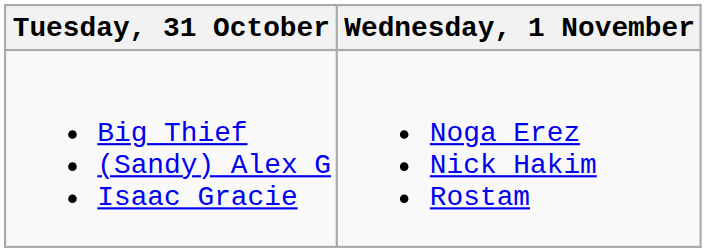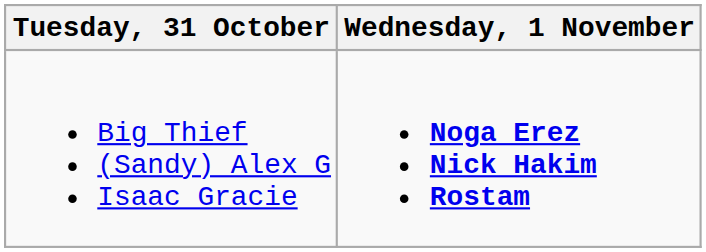 <table class="wikitable">
 <tr>
 <th>Tuesday, 31 October</th>
 <th>Wednesday, 1 November</th>
 </tr>
 <tr valign="top">
 <td><br><ul><li><a href='#'>Big Thief</a></li><li><a href='#'>(Sandy) Alex G</a></li><li><a href='#'>Isaac Gracie</a></li></ul></td>
-<td><br><ul><li><a href='#'>Noga Erez</a></li><li><a href='#'>Nick Hakim</a></li><li><a href='#'>Rostam</a></li></ul></td>
+<td><strong><br><ul><li><a href='#'>Noga Erez</a></li><li><a href='#'>Nick Hakim</a></li><li><a href='#'>Rostam</a></li></ul></strong></td>
 </tr>
 </table>
